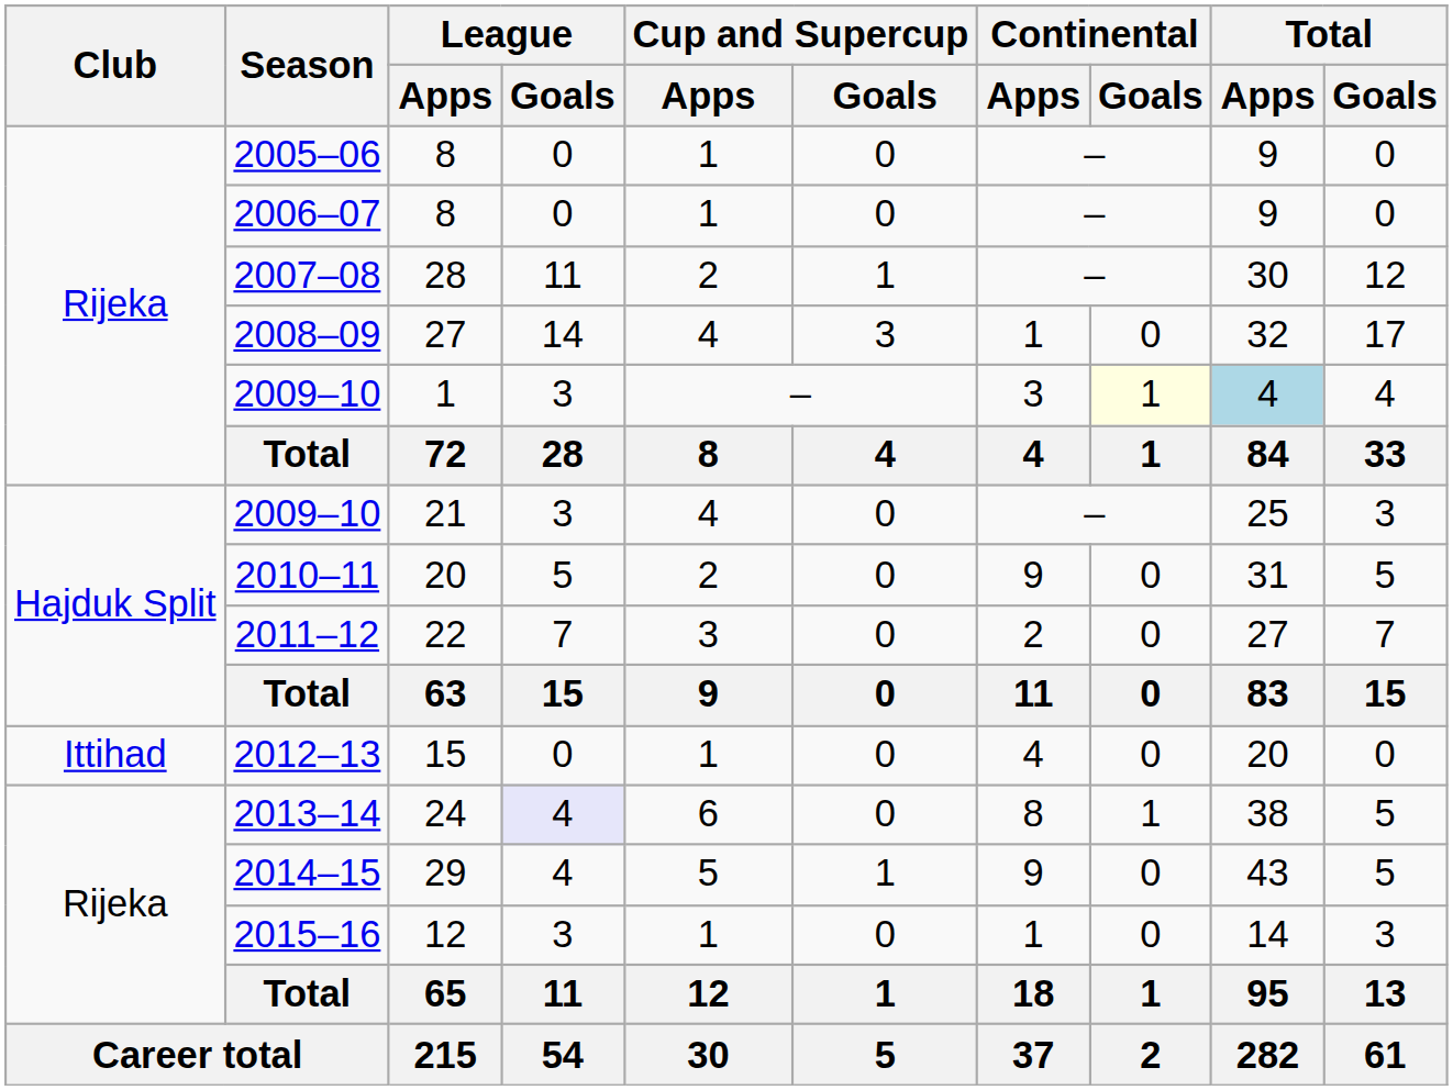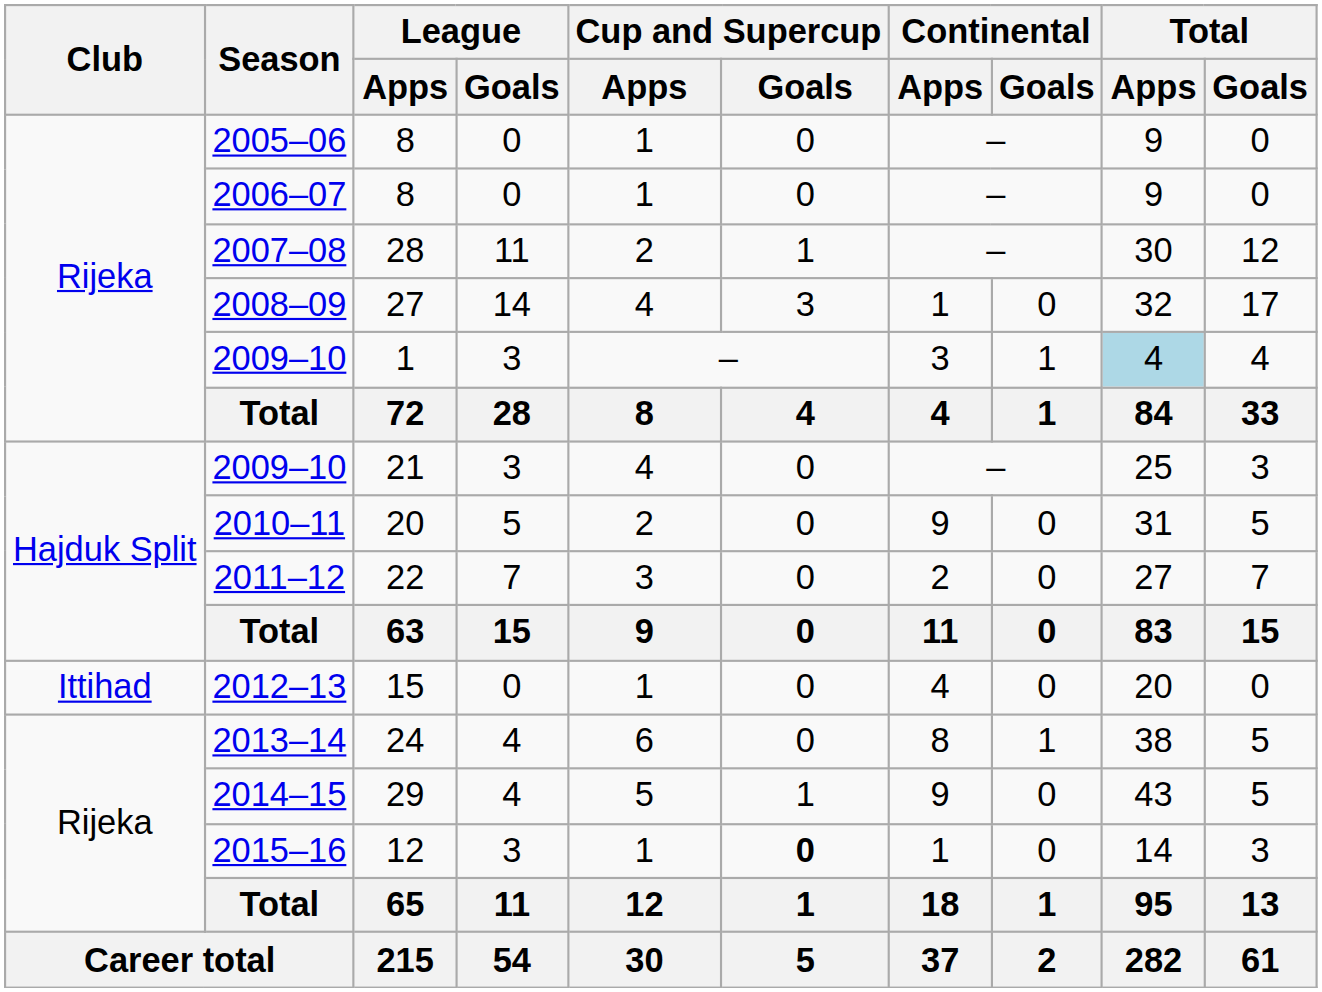 <table class="wikitable" style="text-align:center">
 <tr>
 <th rowspan="2">Club</th>
 <th rowspan="2">Season</th>
 <th colspan="2">League</th>
 <th colspan="2">Cup and Supercup</th>
 <th colspan="2">Continental</th>
 <th colspan="2">Total</th>
 </tr>
 <tr>
 <th>Apps</th>
 <th>Goals</th>
 <th>Apps</th>
 <th>Goals</th>
 <th>Apps</th>
 <th>Goals</th>
 <th>Apps</th>
 <th>Goals</th>
 </tr>
 <tr>
 <td rowspan="6"><a href='#'>Rijeka</a></td>
 <td><a href='#'>2005–06</a></td>
 <td>8</td>
 <td>0</td>
 <td>1</td>
 <td>0</td>
 <td colspan="2">–</td>
 <td>9</td>
 <td>0</td>
 </tr>
 <tr>
 <td><a href='#'>2006–07</a></td>
 <td>8</td>
 <td>0</td>
 <td>1</td>
 <td>0</td>
 <td colspan="2">–</td>
 <td>9</td>
 <td>0</td>
 </tr>
 <tr>
 <td><a href='#'>2007–08</a></td>
 <td>28</td>
 <td>11</td>
 <td>2</td>
 <td>1</td>
 <td colspan="2">–</td>
 <td>30</td>
 <td>12</td>
 </tr>
 <tr>
 <td><a href='#'>2008–09</a></td>
 <td>27</td>
 <td>14</td>
 <td>4</td>
 <td>3</td>
 <td>1</td>
 <td>0</td>
 <td>32</td>
 <td>17</td>
 </tr>
 <tr>
 <td><a href='#'>2009–10</a></td>
 <td>1</td>
 <td>3</td>
 <td colspan="2">–</td>
 <td>3</td>
-<td style="background: lightyellow;">1</td>
+<td>1</td>
 <td style="background: lightblue;">4</td>
 <td>4</td>
 </tr>
 <tr>
 <th colspan="1">Total</th>
 <th>72</th>
 <th>28</th>
 <th>8</th>
 <th>4</th>
 <th>4</th>
 <th>1</th>
 <th>84</th>
 <th>33</th>
 </tr>
 <tr>
 <td rowspan="4"><a href='#'>Hajduk Split</a></td>
 <td><a href='#'>2009–10</a></td>
 <td>21</td>
 <td>3</td>
 <td>4</td>
 <td>0</td>
 <td colspan="2">–</td>
 <td>25</td>
 <td>3</td>
 </tr>
 <tr>
 <td><a href='#'>2010–11</a></td>
 <td>20</td>
 <td>5</td>
 <td>2</td>
 <td>0</td>
 <td>9</td>
 <td>0</td>
 <td>31</td>
 <td>5</td>
 </tr>
 <tr>
 <td><a href='#'>2011–12</a></td>
 <td>22</td>
 <td>7</td>
 <td>3</td>
 <td>0</td>
 <td>2</td>
 <td>0</td>
 <td>27</td>
 <td>7</td>
 </tr>
 <tr>
 <th colspan="1">Total</th>
 <th>63</th>
 <th>15</th>
 <th>9</th>
 <th>0</th>
 <th>11</th>
 <th>0</th>
 <th>83</th>
 <th>15</th>
 </tr>
 <tr>
 <td><a href='#'>Ittihad</a></td>
 <td><a href='#'>2012–13</a></td>
 <td>15</td>
 <td>0</td>
 <td>1</td>
 <td>0</td>
 <td>4</td>
 <td>0</td>
 <td>20</td>
 <td>0</td>
 </tr>
 <tr>
 <td rowspan="4">Rijeka</td>
 <td><a href='#'>2013–14</a></td>
 <td>24</td>
-<td style="background: lavender;">4</td>
+<td>4</td>
 <td>6</td>
 <td>0</td>
 <td>8</td>
 <td>1</td>
 <td>38</td>
 <td>5</td>
 </tr>
 <tr>
 <td><a href='#'>2014–15</a></td>
 <td>29</td>
 <td>4</td>
 <td>5</td>
 <td>1</td>
 <td>9</td>
 <td>0</td>
 <td>43</td>
 <td>5</td>
 </tr>
 <tr>
 <td><a href='#'>2015–16</a></td>
 <td>12</td>
 <td>3</td>
 <td>1</td>
-<td>0</td>
+<td><strong>0</strong></td>
 <td>1</td>
 <td>0</td>
 <td>14</td>
 <td>3</td>
 </tr>
 <tr>
 <th colspan="1">Total</th>
 <th>65</th>
 <th>11</th>
 <th>12</th>
 <th>1</th>
 <th>18</th>
 <th>1</th>
 <th>95</th>
 <th>13</th>
 </tr>
 <tr>
 <th colspan="2">Career total</th>
 <th>215</th>
 <th>54</th>
 <th>30</th>
 <th>5</th>
 <th>37</th>
 <th>2</th>
 <th>282</th>
 <th>61</th>
 </tr>
 </table>
